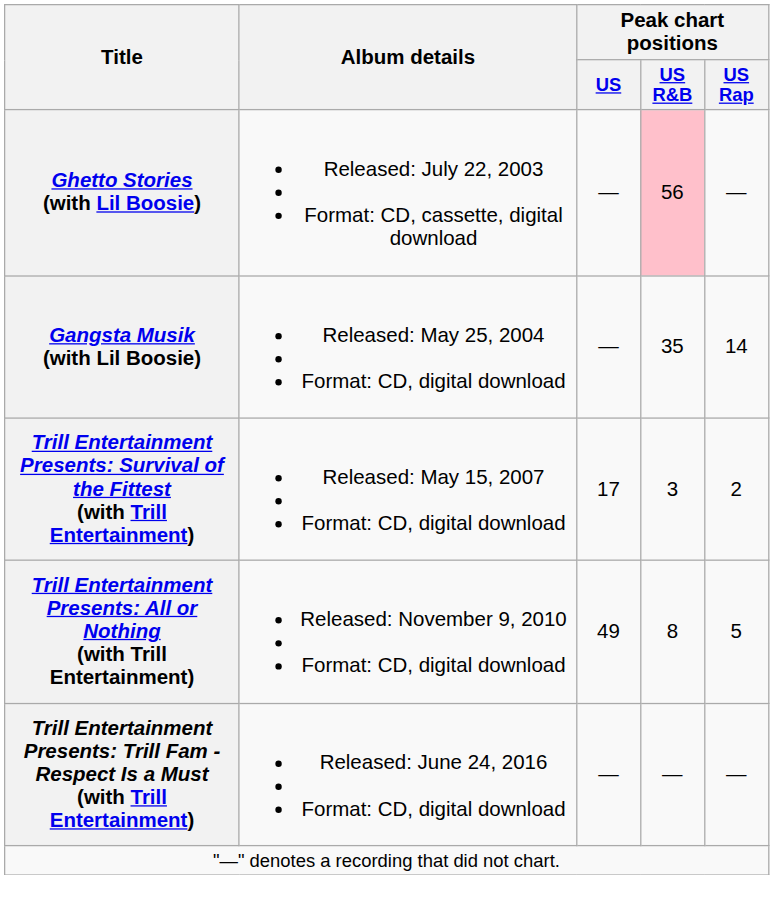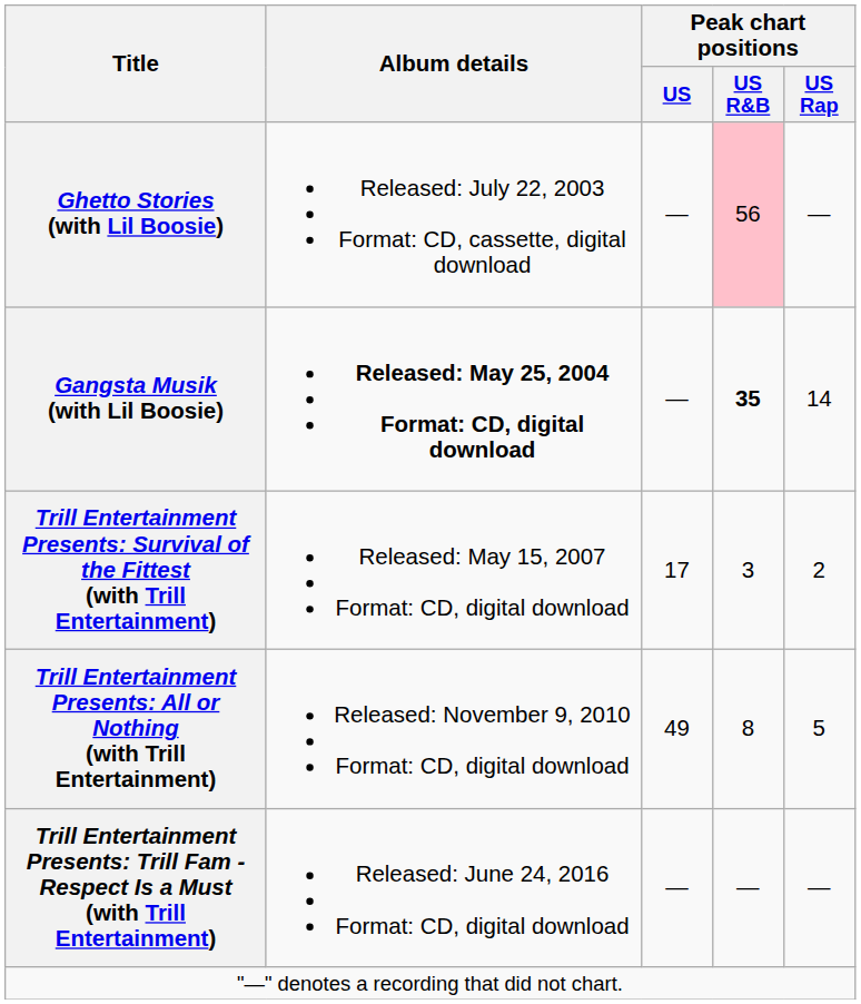 <table class="wikitable plainrowheaders" style="text-align:center;">
 <tr>
 <th scope="col" rowspan="2" style="width:11em;">Title</th>
 <th scope="col" rowspan="2" style="width:16em;">Album details</th>
 <th scope="col" colspan="3">Peak chart positions</th>
 </tr>
 <tr>
 <th style="width:3em;font-size:90%;"><a href='#'>US</a></th>
 <th style="width:3em;font-size:90%;"><a href='#'>US<br>R&B</a></th>
 <th style="width:3em;font-size:90%;"><a href='#'>US<br>Rap</a></th>
 </tr>
 <tr>
 <th scope="row"><em><a href='#'>Ghetto Stories</a></em><br><span>(with <a href='#'>Lil Boosie</a>)</span></th>
 <td><br><ul><li>Released: July 22, 2003</li><li></li><li>Format: CD, cassette, digital download</li></ul></td>
 <td>—</td>
 <td style="background: pink;">56</td>
 <td>—</td>
 </tr>
 <tr>
 <th scope="row"><em><a href='#'>Gangsta Musik</a></em><br><span>(with Lil Boosie)</span></th>
-<td><br><ul><li>Released: May 25, 2004</li><li></li><li>Format: CD, digital download</li></ul></td>
+<td><strong><br><ul><li>Released: May 25, 2004</li><li></li><li>Format: CD, digital download</li></ul></strong></td>
 <td>—</td>
-<td>35</td>
+<td><strong>35</strong></td>
 <td>14</td>
 </tr>
 <tr>
 <th scope="row"><em><a href='#'>Trill Entertainment Presents: Survival of the Fittest</a></em><br><span>(with <a href='#'>Trill Entertainment</a>)</span></th>
 <td><br><ul><li>Released: May 15, 2007</li><li></li><li>Format: CD, digital download</li></ul></td>
 <td>17</td>
 <td>3</td>
 <td>2</td>
 </tr>
 <tr>
 <th scope="row"><em><a href='#'>Trill Entertainment Presents: All or Nothing</a></em><br><span>(with Trill Entertainment)</span></th>
 <td><br><ul><li>Released: November 9, 2010</li><li></li><li>Format: CD, digital download</li></ul></td>
 <td>49</td>
 <td>8</td>
 <td>5</td>
 </tr>
 <tr>
 <th scope="row"><em>Trill Entertainment Presents: Trill Fam - Respect Is a Must</em><br><span>(with <a href='#'>Trill Entertainment</a>)</span></th>
 <td><br><ul><li>Released: June 24, 2016</li><li></li><li>Format: CD, digital download</li></ul></td>
 <td>—</td>
 <td>—</td>
 <td>—</td>
 </tr>
 <tr>
 <td colspan="14" style="font-size:90%">"—" denotes a recording that did not chart.</td>
 </tr>
 </table>
